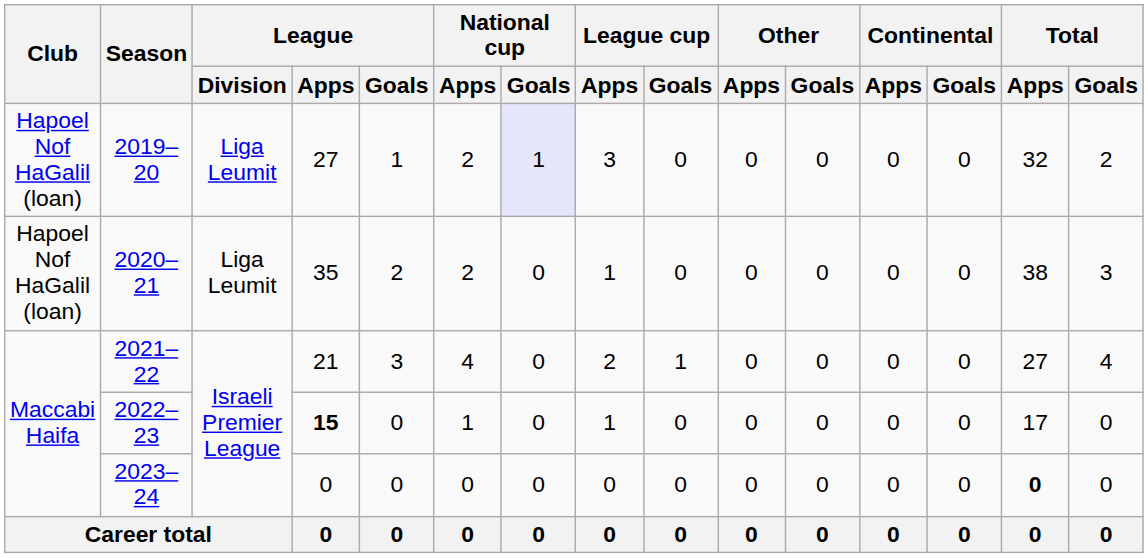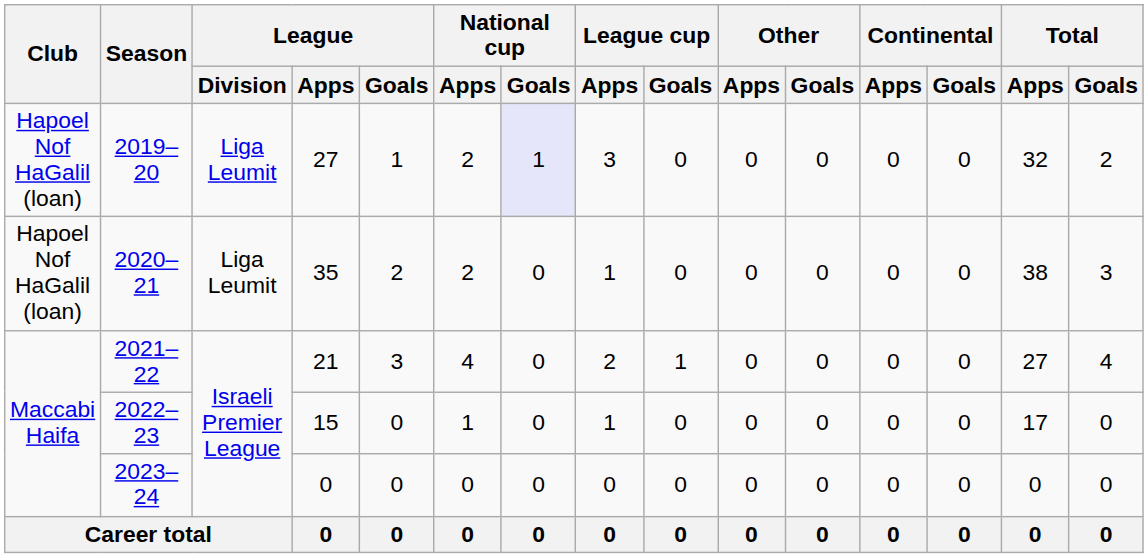 <table class="wikitable" style="text-align: center;">
 <tr>
 <th rowspan="2">Club</th>
 <th rowspan="2">Season</th>
 <th colspan="3">League</th>
 <th colspan="2">National cup</th>
 <th colspan="2">League cup</th>
 <th colspan="2">Other</th>
 <th colspan="2">Continental</th>
 <th colspan="2">Total</th>
 </tr>
 <tr>
 <th>Division</th>
 <th>Apps</th>
 <th>Goals</th>
 <th>Apps</th>
 <th>Goals</th>
 <th>Apps</th>
 <th>Goals</th>
 <th>Apps</th>
 <th>Goals</th>
 <th>Apps</th>
 <th>Goals</th>
 <th>Apps</th>
 <th>Goals</th>
 </tr>
 <tr>
 <td><a href='#'>Hapoel Nof HaGalil</a> (loan)</td>
 <td><a href='#'>2019–20</a></td>
 <td><a href='#'>Liga Leumit</a></td>
 <td>27</td>
 <td>1</td>
 <td>2</td>
 <td style="background: lavender;">1</td>
 <td>3</td>
 <td>0</td>
 <td>0</td>
 <td>0</td>
 <td>0</td>
 <td>0</td>
 <td>32</td>
 <td>2</td>
 </tr>
 <tr>
 <td>Hapoel Nof HaGalil (loan)</td>
 <td><a href='#'>2020–21</a></td>
 <td>Liga Leumit</td>
 <td>35</td>
 <td>2</td>
 <td>2</td>
 <td>0</td>
 <td>1</td>
 <td>0</td>
 <td>0</td>
 <td>0</td>
 <td>0</td>
 <td>0</td>
 <td>38</td>
 <td>3</td>
 </tr>
 <tr>
 <td rowspan="3"><a href='#'>Maccabi Haifa</a></td>
 <td><a href='#'>2021–22</a></td>
 <td rowspan="3"><a href='#'>Israeli Premier League</a></td>
 <td>21</td>
 <td>3</td>
 <td>4</td>
 <td>0</td>
 <td>2</td>
 <td>1</td>
 <td>0</td>
 <td>0</td>
 <td>0</td>
 <td>0</td>
 <td>27</td>
 <td>4</td>
 </tr>
 <tr>
 <td><a href='#'>2022–23</a></td>
-<td><strong>15</strong></td>
+<td>15</td>
 <td>0</td>
 <td>1</td>
 <td>0</td>
 <td>1</td>
 <td>0</td>
 <td>0</td>
 <td>0</td>
 <td>0</td>
 <td>0</td>
 <td>17</td>
 <td>0</td>
 </tr>
 <tr>
 <td><a href='#'>2023–24</a></td>
 <td>0</td>
 <td>0</td>
 <td>0</td>
 <td>0</td>
 <td>0</td>
 <td>0</td>
 <td>0</td>
 <td>0</td>
 <td>0</td>
 <td>0</td>
-<td><strong>0</strong></td>
+<td>0</td>
 <td>0</td>
 </tr>
 <tr>
 <th colspan="3">Career total</th>
 <th>0</th>
 <th>0</th>
 <th>0</th>
 <th>0</th>
 <th>0</th>
 <th>0</th>
 <th>0</th>
 <th>0</th>
 <th>0</th>
 <th>0</th>
 <th>0</th>
 <th>0</th>
 </tr>
 </table>
